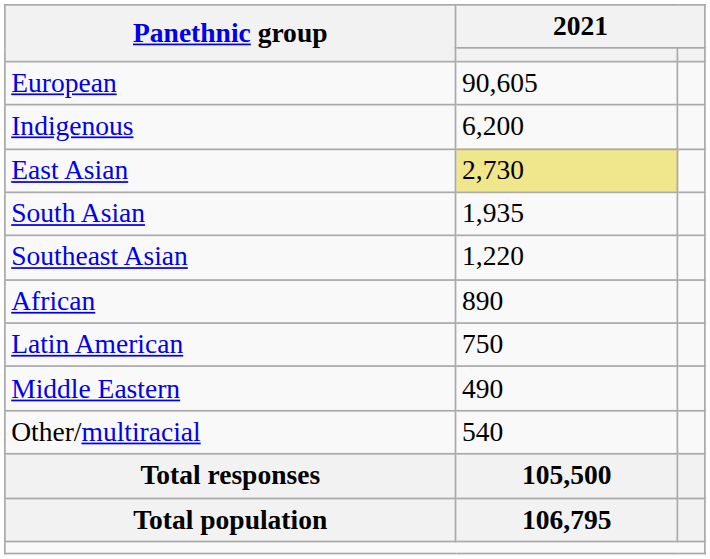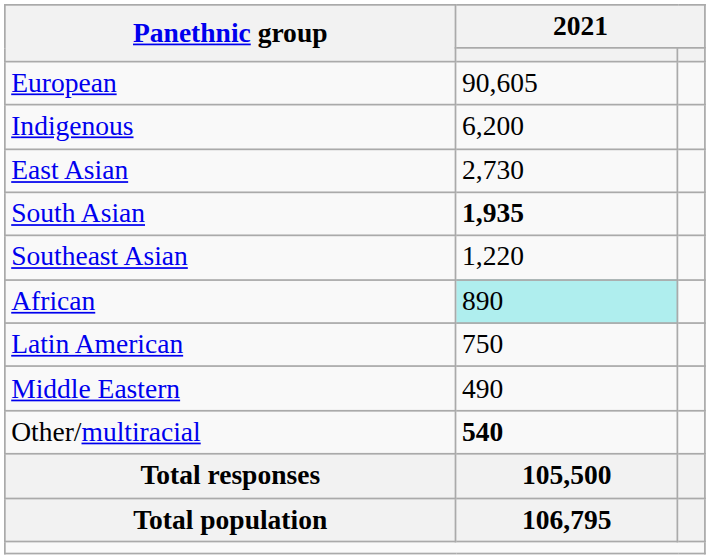 <table class="wikitable collapsible sortable">
 <tr>
 <th rowspan="2"><a href='#'>Panethnic</a> group</th>
 <th colspan="2">2021</th>
 </tr>
 <tr>
 <th><a href='#'></a></th>
 <th></th>
 </tr>
 <tr>
 <td><a href='#'>European</a></td>
 <td>90,605</td>
 <td></td>
 </tr>
 <tr>
 <td><a href='#'>Indigenous</a></td>
 <td>6,200</td>
 <td></td>
 </tr>
 <tr>
 <td><a href='#'>East Asian</a></td>
-<td style="background: khaki;">2,730</td>
+<td>2,730</td>
 <td></td>
 </tr>
 <tr>
 <td><a href='#'>South Asian</a></td>
-<td>1,935</td>
+<td><strong>1,935</strong></td>
 <td></td>
 </tr>
 <tr>
 <td><a href='#'>Southeast Asian</a></td>
 <td>1,220</td>
 <td></td>
 </tr>
 <tr>
 <td><a href='#'>African</a></td>
-<td>890</td>
+<td style="background: paleturquoise;">890</td>
 <td></td>
 </tr>
 <tr>
 <td><a href='#'>Latin American</a></td>
 <td>750</td>
 <td></td>
 </tr>
 <tr>
 <td><a href='#'>Middle Eastern</a></td>
 <td>490</td>
 <td></td>
 </tr>
 <tr>
 <td>Other/<a href='#'>multiracial</a></td>
-<td>540</td>
+<td><strong>540</strong></td>
 <td></td>
 </tr>
 <tr>
 <th>Total responses</th>
 <th>105,500</th>
 <th></th>
 </tr>
 <tr class="sortbottom">
 <th>Total population</th>
 <th>106,795</th>
 <th></th>
 </tr>
 <tr class="sortbottom">
 <td colspan="15" style="width: 25em;"></td>
 </tr>
 </table>
